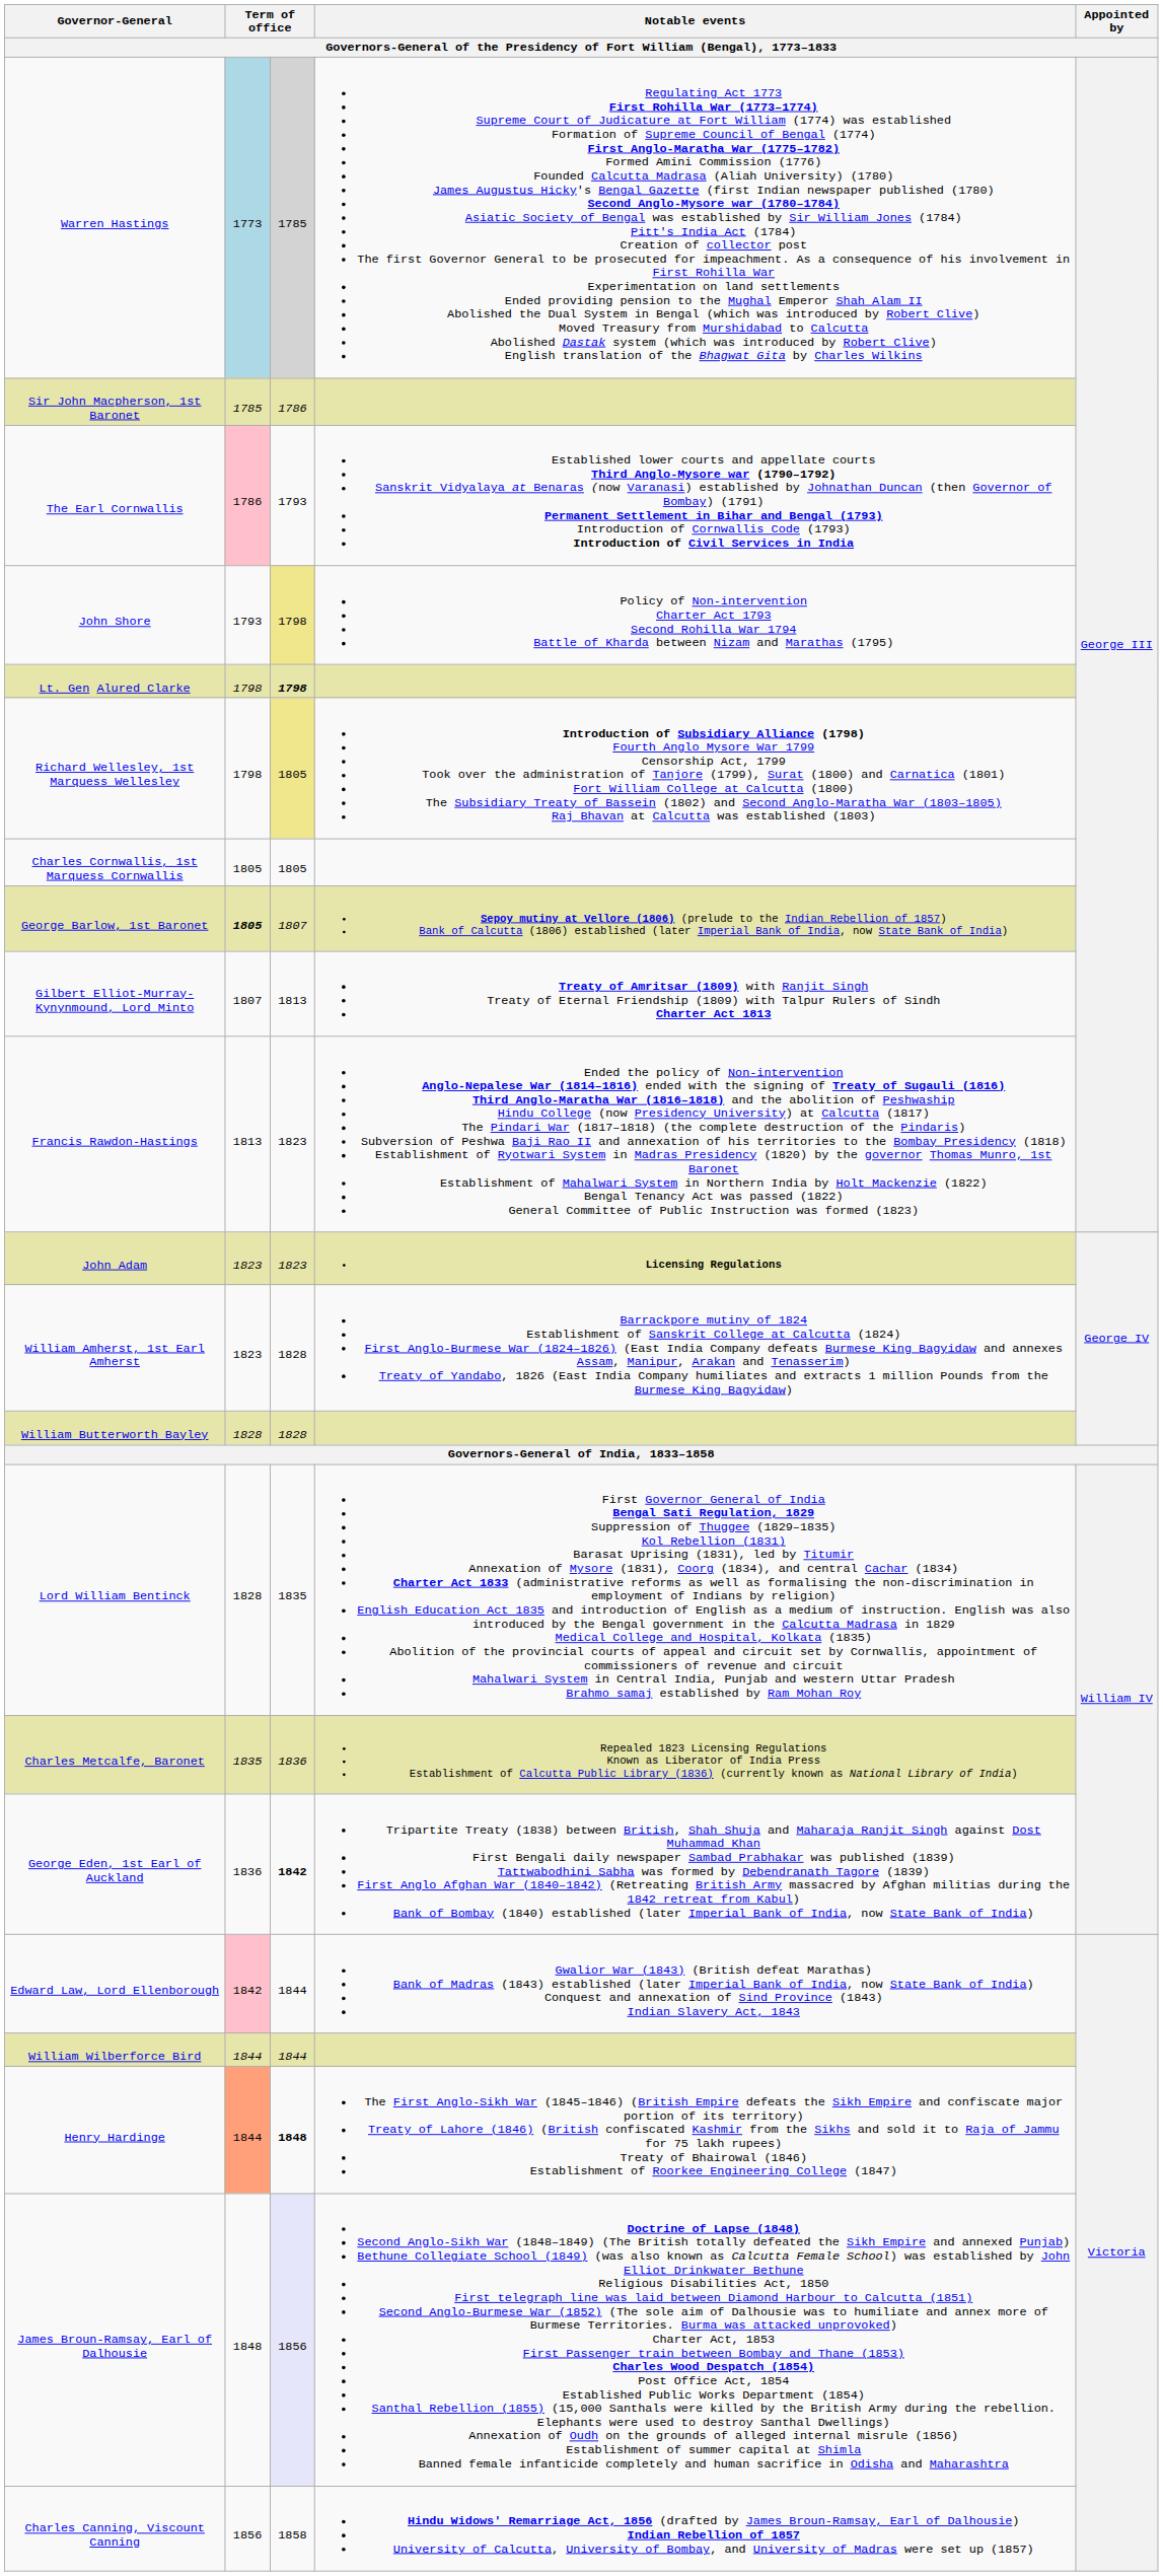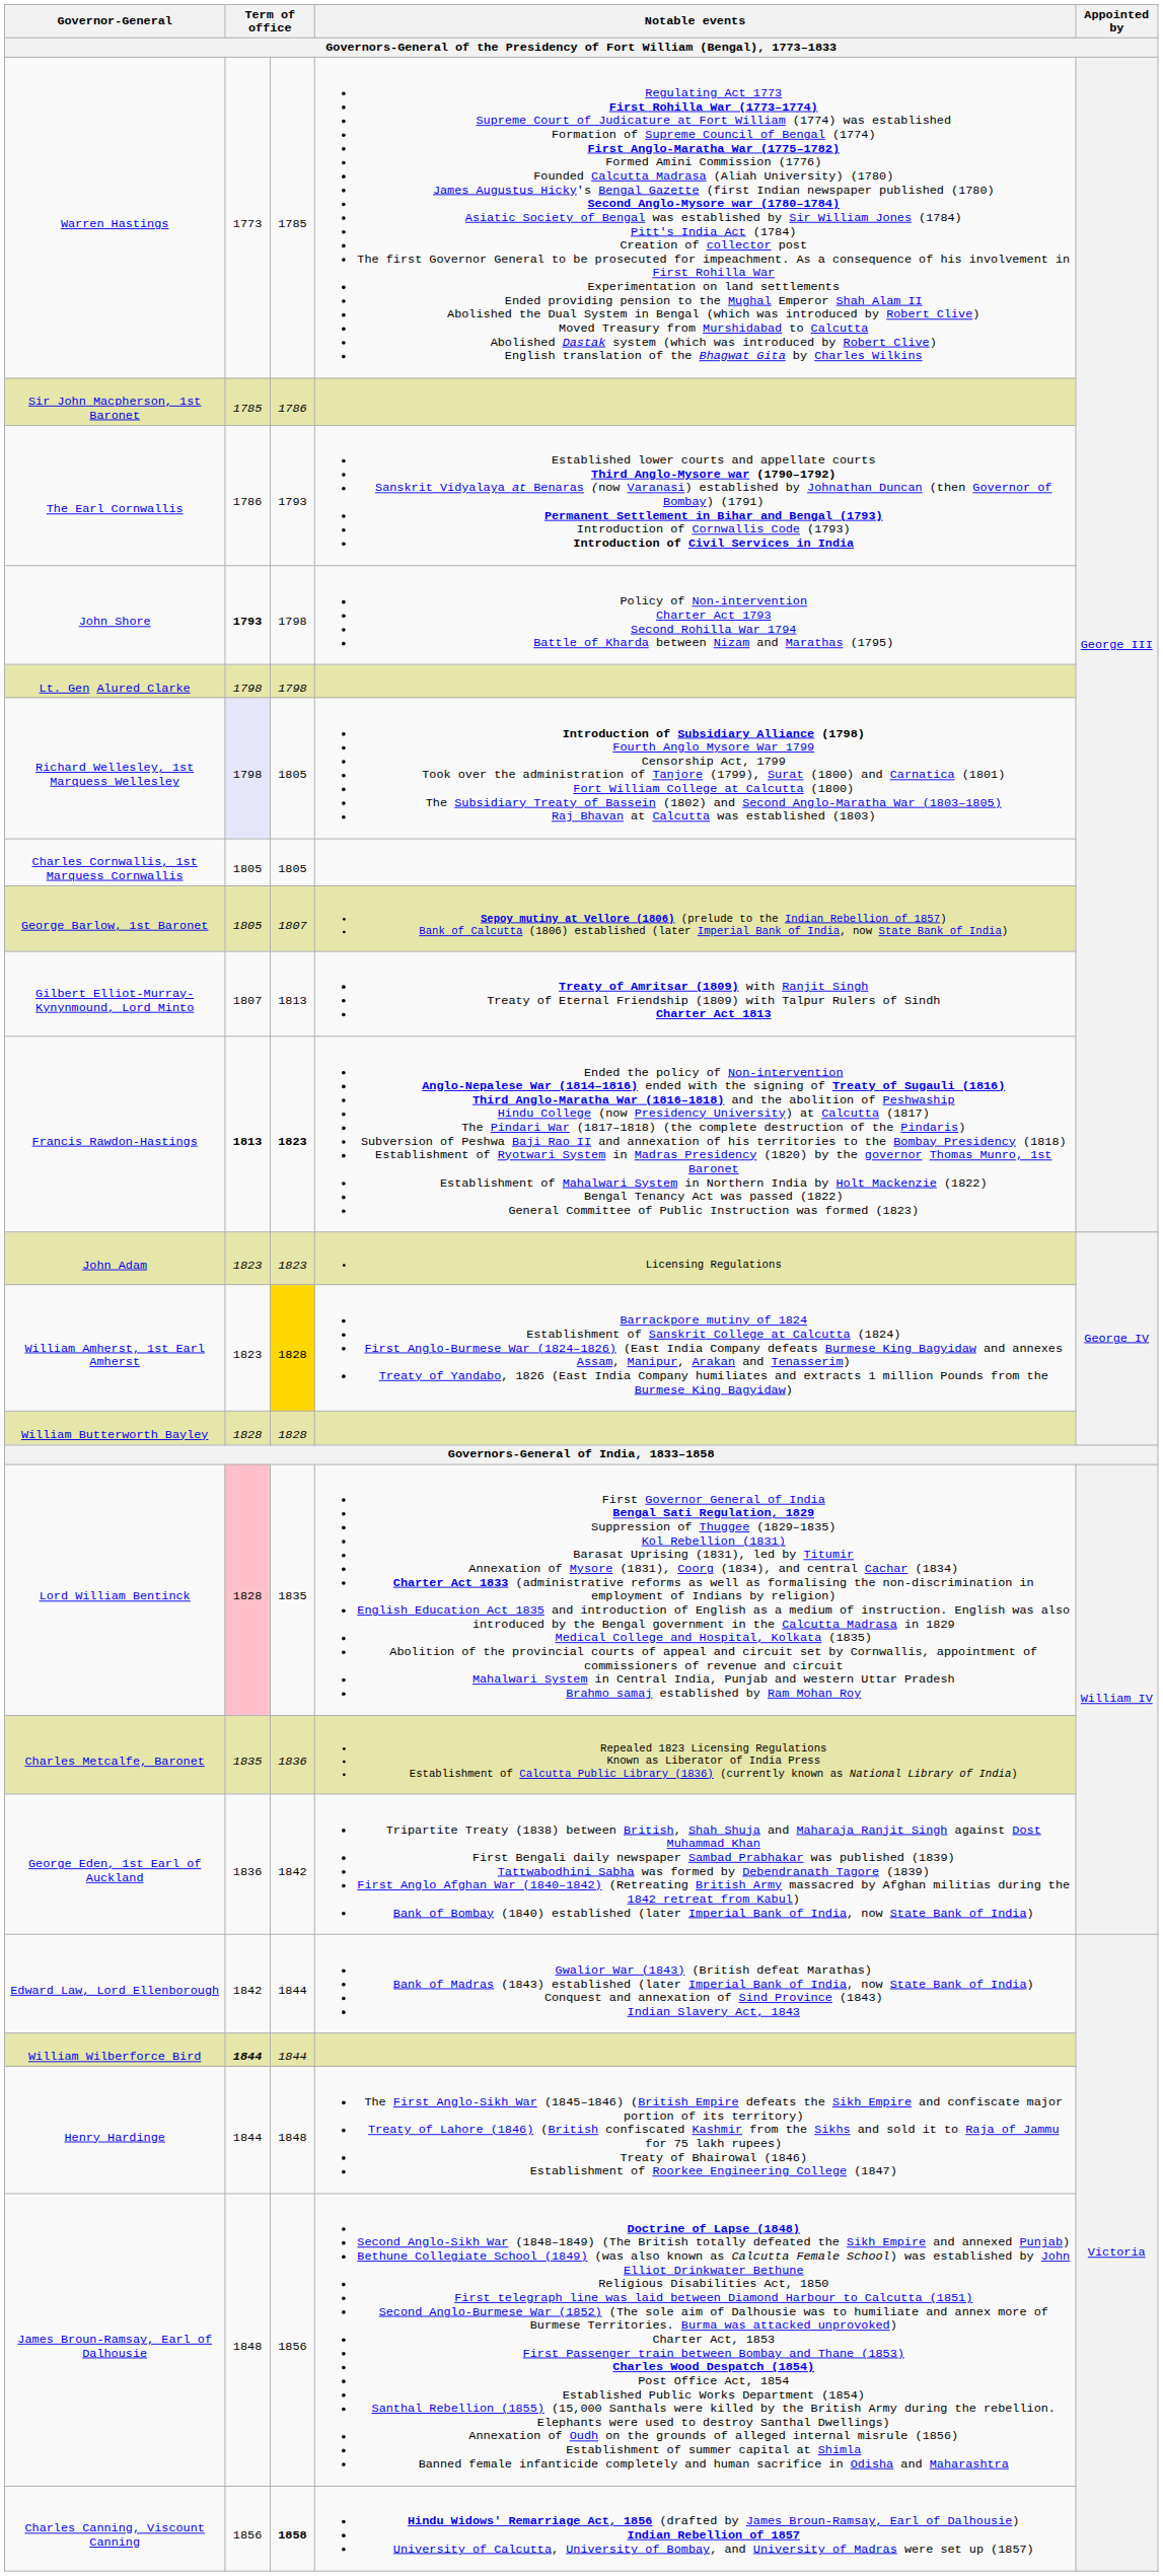 <table class="wikitable" style="text-align:center">
 <tr>
 <th>Governor-General<br></th>
 <th colspan=2>Term of office</th>
 <th>Notable events</th>
 <th>Appointed by</th>
 </tr>
 <tr>
 <th colspan=5>Governors-General of the Presidency of Fort William (Bengal), 1773–1833</th>
 </tr>
 <tr>
 <td><br><a href='#'>Warren Hastings </a><br></td>
-<td style="background: lightblue;"><br>1773</td>
-<td style="background: lightgrey;"><br>1785</td>
+<td><br>1773</td>
+<td><br>1785</td>
 <td class=small><br><ul><li><a href='#'>Regulating Act 1773</a></li><li><strong><a href='#'>First Rohilla War (1773–1774)</a></strong></li><li><a href='#'>Supreme Court of Judicature at Fort William</a> (1774) was established</li><li>Formation of <a href='#'>Supreme Council of Bengal</a> (1774)</li><li><strong><a href='#'>First Anglo-Maratha War (1775–1782)</a></strong></li><li>Formed Amini Commission (1776)</li><li>Founded <a href='#'>Calcutta Madrasa</a> (Aliah University) (1780)</li><li><a href='#'>James Augustus Hicky</a>'s <a href='#'>Bengal Gazette</a> (first Indian newspaper published (1780)</li><li><strong><a href='#'>Second Anglo-Mysore war (1780–1784)</a></strong></li><li><a href='#'>Asiatic Society of Bengal</a> was established by <a href='#'>Sir William Jones</a> (1784)</li><li><a href='#'>Pitt's India Act</a> (1784)</li><li>Creation of <a href='#'>collector</a> post</li><li>The first Governor General to be prosecuted for impeachment. As a consequence of his involvement in <a href='#'>First Rohilla War</a></li><li>Experimentation on land settlements</li><li>Ended providing pension to the <a href='#'>Mughal</a> Emperor <a href='#'>Shah Alam II</a></li><li>Abolished the Dual System in Bengal (which was introduced by <a href='#'>Robert Clive</a>)</li><li>Moved Treasury from <a href='#'>Murshidabad</a> to <a href='#'>Calcutta</a></li><li>Abolished <em><a href='#'>Dastak</a></em> system (which was introduced by <a href='#'>Robert Clive</a>)</li><li>English translation of the <em><a href='#'>Bhagwat Gita</a></em> by <a href='#'>Charles Wilkins</a></li></ul></td>
 <th rowspan="10" style="font-weight:normal"><a href='#'>George III</a></th>
 </tr>
 <tr style="background:#e6e6aa">
 <td><br><a href='#'>Sir John Macpherson, 1st Baronet</a> </td>
 <td><em><br>1785</em></td>
 <td><em><br>1786</em></td>
 <td> </td>
 </tr>
 <tr>
 <td><br><a href='#'><br>The Earl Cornwallis</a><br></td>
-<td style="background: pink;"><br>1786</td>
+<td><br>1786</td>
 <td><br>1793</td>
 <td class=small><br><ul><li>Established lower courts and appellate courts</li><li><strong><a href='#'>Third Anglo-Mysore war</a> (1790–1792)</strong></li><li><a href='#'>Sanskrit Vidyalaya <em>at</em> Benaras</a> <em>(</em>now <a href='#'>Varanasi</a>) established by <a href='#'>Johnathan Duncan</a> (then <a href='#'>Governor of Bombay</a>) (1791)</li><li><strong><a href='#'>Permanent Settlement in Bihar and Bengal (1793)</a></strong></li><li>Introduction of <a href='#'>Cornwallis Code</a> (1793)</li><li><strong>Introduction of <a href='#'>Civil Services in India</a></strong></li></ul></td>
 </tr>
 <tr>
 <td><br><a href='#'>John Shore</a><br></td>
-<td><br>1793</td>
-<td style="background: khaki;"><br>1798</td>
+<td><strong><br>1793</strong></td>
+<td><br>1798</td>
 <td class=small><br><ul><li>Policy of <a href='#'>Non-intervention</a></li><li><a href='#'>Charter Act 1793</a></li><li><a href='#'>Second Rohilla War 1794</a></li><li><a href='#'>Battle of Kharda</a> between <a href='#'>Nizam</a> and <a href='#'>Marathas</a> (1795)</li></ul></td>
 </tr>
 <tr style="background:#e6e6aa">
 <td><br><a href='#'>Lt. Gen</a> <a href='#'>Alured Clarke</a> </td>
 <td><em><br>1798</em></td>
-<td><strong><em><br>1798</em></strong></td>
+<td><em><br>1798</em></td>
 <td> </td>
 </tr>
 <tr>
 <td><br><a href='#'>Richard Wellesley, 1st Marquess Wellesley</a><br></td>
-<td><br>1798</td>
-<td style="background: khaki;"><br>1805</td>
+<td style="background: lavender;"><br>1798</td>
+<td><br>1805</td>
 <td class=small><br><ul><li><strong>Introduction of <a href='#'>Subsidiary Alliance</a> (1798)</strong></li><li><a href='#'>Fourth Anglo Mysore War 1799</a></li><li>Censorship Act, 1799</li><li>Took over the administration of <a href='#'>Tanjore</a> (1799), <a href='#'>Surat</a> (1800) and <a href='#'>Carnatica</a> (1801)</li><li><a href='#'>Fort William College at Calcutta</a> (1800)</li><li>The <a href='#'>Subsidiary Treaty of Bassein</a> (1802) and <a href='#'>Second Anglo-Maratha War (1803–1805)</a></li><li><a href='#'>Raj Bhavan</a> at <a href='#'>Calcutta</a> was established (1803)</li></ul></td>
 </tr>
 <tr>
 <td><br><a href='#'>Charles Cornwallis, 1st Marquess Cornwallis</a><br></td>
 <td><br>1805</td>
 <td><br>1805</td>
 <td> </td>
 </tr>
 <tr style="background:#e6e6aa">
 <td><br><a href='#'>George Barlow, 1st Baronet</a> </td>
-<td><strong><em><br>1805</em></strong></td>
+<td><em><br>1805</em></td>
 <td><em><br>1807</em></td>
 <td style="background:#e6e6aa; font-size:90%"><br><ul><li><strong><a href='#'>Sepoy mutiny at Vellore (1806)</a></strong> (prelude to the <a href='#'>Indian Rebellion of 1857</a>)</li><li><a href='#'>Bank of Calcutta</a> (1806) established (later <a href='#'>Imperial Bank of India</a>, now <a href='#'>State Bank of India</a>)</li></ul></td>
 </tr>
 <tr>
 <td><br><a href='#'>Gilbert Elliot-Murray-Kynynmound, Lord Minto</a><br></td>
 <td><br>1807</td>
 <td><br>1813</td>
 <td class=small><br><ul><li><strong><a href='#'>Treaty of Amritsar (1809)</a></strong> with <a href='#'>Ranjit Singh</a></li><li>Treaty of Eternal Friendship (1809) with Talpur Rulers of Sindh</li><li><strong><a href='#'>Charter Act 1813</a></strong></li></ul></td>
 </tr>
 <tr>
 <td><br><a href='#'>Francis Rawdon-Hastings</a><br></td>
-<td><br>1813</td>
-<td><br>1823</td>
+<td><strong><br>1813</strong></td>
+<td><strong><br>1823</strong></td>
 <td class=small><br><ul><li>Ended the policy of <a href='#'>Non-intervention</a></li><li><strong><a href='#'>Anglo-Nepalese War (1814–1816)</a></strong> ended with the signing of <strong><a href='#'>Treaty of Sugauli (1816)</a></strong></li><li><strong><a href='#'>Third Anglo-Maratha War (1816–1818)</a></strong> and the abolition of <a href='#'>Peshwaship</a></li><li><a href='#'>Hindu College</a> (now <a href='#'>Presidency University</a>) at <a href='#'>Calcutta</a> (1817)</li><li>The <a href='#'>Pindari War</a> (1817–1818) (the complete destruction of the <a href='#'>Pindaris</a>)</li><li>Subversion of Peshwa <a href='#'>Baji Rao II</a> and annexation of his territories to the <a href='#'>Bombay Presidency</a> (1818)</li><li>Establishment of <a href='#'>Ryotwari System</a> in <a href='#'>Madras Presidency</a> (1820) by the <a href='#'>governor</a> <a href='#'>Thomas Munro, 1st Baronet</a></li><li>Establishment of <a href='#'> Mahalwari System</a> in Northern India by <a href='#'>Holt Mackenzie</a> (1822)</li><li>Bengal Tenancy Act was passed (1822)</li><li>General Committee of Public Instruction was formed (1823)</li></ul></td>
 </tr>
 <tr style="background:#e6e6aa">
 <td><br><a href='#'>John Adam</a> </td>
 <td><em><br>1823</em></td>
 <td><em><br>1823</em></td>
-<td style="background:#e6e6aa; font-size:90%"><strong><br><ul><li>Licensing Regulations</li></ul></strong></td>
+<td style="background:#e6e6aa; font-size:90%"><br><ul><li>Licensing Regulations</li></ul></td>
 <th rowspan="3" style="font-weight:normal"><a href='#'>George IV</a></th>
 </tr>
 <tr>
 <td><br><a href='#'>William Amherst, 1st Earl Amherst</a><br></td>
 <td><br>1823</td>
-<td><br>1828</td>
+<td style="background: gold;"><br>1828</td>
 <td class=small><br><ul><li><a href='#'>Barrackpore mutiny of 1824</a></li><li>Establishment of <a href='#'>Sanskrit College at Calcutta</a> (1824)</li><li><a href='#'>First Anglo-Burmese War (1824–1826)</a> (East India Company defeats <a href='#'>Burmese King Bagyidaw</a> and annexes <a href='#'>Assam</a>, <a href='#'>Manipur</a>, <a href='#'>Arakan</a> and <a href='#'>Tenasserim</a>)</li><li><a href='#'>Treaty of Yandabo</a>, 1826 (East India Company humiliates and extracts 1 million Pounds from the <a href='#'>Burmese King Bagyidaw</a>)</li></ul></td>
 </tr>
 <tr style="background:#e6e6aa">
 <td><br><a href='#'>William Butterworth Bayley</a> </td>
 <td><em><br>1828</em></td>
 <td><em><br>1828</em></td>
 <td> </td>
 </tr>
 <tr>
 <th colspan=5>Governors-General of India, 1833–1858</th>
 </tr>
 <tr>
 <td><br><a href='#'>Lord William Bentinck</a><br></td>
-<td><br>1828</td>
+<td style="background: pink;"><br>1828</td>
 <td><br>1835</td>
 <td class=small><br><ul><li>First <a href='#'>Governor General of India</a></li><li><strong><a href='#'>Bengal Sati Regulation, 1829</a></strong></li><li>Suppression of <a href='#'>Thuggee</a> (1829–1835)</li><li><a href='#'>Kol Rebellion (1831)</a></li><li>Barasat Uprising (1831), led by <a href='#'>Titumir</a></li><li>Annexation of <a href='#'>Mysore</a> (1831), <a href='#'>Coorg</a> (1834), and central <a href='#'>Cachar</a> (1834)</li><li><strong><a href='#'>Charter Act 1833</a></strong> (administrative reforms as well as formalising the non-discrimination in employment of Indians by religion)</li><li><a href='#'>English Education Act 1835</a> and introduction of English as a medium of instruction. English was also introduced by the Bengal government in the <a href='#'>Calcutta Madrasa</a> in 1829</li><li><a href='#'>Medical College and Hospital, Kolkata</a> (1835)</li><li>Abolition of the provincial courts of appeal and circuit set by Cornwallis, appointment of commissioners of revenue and circuit</li><li><a href='#'>Mahalwari System</a> in Central India, Punjab and western Uttar Pradesh</li><li><a href='#'>Brahmo samaj</a> established by <a href='#'>Ram Mohan Roy</a></li></ul></td>
 <th rowspan="3" style="font-weight:normal"><a href='#'>William IV</a></th>
 </tr>
 <tr style="background:#e6e6aa">
 <td><br><a href='#'>Charles Metcalfe, Baronet</a> </td>
 <td><em><br>1835</em></td>
 <td><em><br>1836</em></td>
 <td style="background:#e6e6aa; font-size:90%"><br><ul><li>Repealed 1823 Licensing Regulations</li><li>Known as Liberator of India Press</li><li>Establishment of <a href='#'>Calcutta Public Library (1836)</a> (currently known as <em>National Library of India</em>)</li></ul></td>
 </tr>
 <tr>
 <td><br><a href='#'>George Eden, 1st Earl of Auckland</a><br></td>
 <td><br>1836</td>
-<td><strong><br>1842</strong></td>
+<td><br>1842</td>
 <td class=small><br><ul><li>Tripartite Treaty (1838) between <a href='#'>British</a>, <a href='#'>Shah Shuja</a> and <a href='#'>Maharaja Ranjit Singh</a> against <a href='#'>Dost Muhammad Khan</a></li><li>First Bengali daily newspaper <a href='#'>Sambad Prabhakar</a> was published (1839)</li><li><a href='#'>Tattwabodhini Sabha</a> was formed by <a href='#'>Debendranath Tagore</a> (1839)</li><li><a href='#'>First Anglo Afghan War (1840–1842)</a> (Retreating <a href='#'>British Army</a> massacred by Afghan militias during the <a href='#'>1842 retreat from Kabul</a>)</li><li><a href='#'>Bank of Bombay</a> (1840) established (later <a href='#'>Imperial Bank of India</a>, now <a href='#'>State Bank of India</a>)</li></ul></td>
 </tr>
 <tr>
 <td><br><a href='#'>Edward Law, Lord Ellenborough</a><br></td>
-<td style="background: pink;"><br>1842</td>
+<td><br>1842</td>
 <td><br>1844</td>
 <td class=small><br><ul><li><a href='#'>Gwalior War (1843)</a> (British defeat Marathas)</li><li><a href='#'>Bank of Madras</a> (1843) established (later <a href='#'>Imperial Bank of India</a>, now <a href='#'>State Bank of India</a>)</li><li>Conquest and annexation of <a href='#'>Sind Province</a> (1843)</li><li><a href='#'>Indian Slavery Act, 1843</a></li></ul></td>
 <th rowspan="5" style="font-weight:normal"><a href='#'>Victoria</a></th>
 </tr>
 <tr style="background:#e6e6aa">
 <td><br><a href='#'>William Wilberforce Bird</a> </td>
-<td><em><br>1844</em></td>
+<td><strong><em><br>1844</em></strong></td>
 <td><em><br>1844</em></td>
 <td> </td>
 </tr>
 <tr>
 <td><br><a href='#'>Henry Hardinge</a><br></td>
-<td style="background: lightsalmon;"><br>1844</td>
-<td><strong><br>1848</strong></td>
+<td><br>1844</td>
+<td><br>1848</td>
 <td class=small><br><ul><li>The <a href='#'>First Anglo-Sikh War</a> (1845–1846) (<a href='#'>British Empire</a> defeats the <a href='#'>Sikh Empire</a> and confiscate major portion of its territory)</li><li><a href='#'>Treaty of Lahore (1846)</a> (<a href='#'>British</a> confiscated <a href='#'>Kashmir</a> from the <a href='#'>Sikhs</a> and sold it to <a href='#'>Raja of Jammu</a> for 75 lakh rupees)</li><li>Treaty of Bhairowal (1846)</li><li>Establishment of <a href='#'>Roorkee Engineering College</a> (1847)</li></ul></td>
 </tr>
 <tr>
 <td><br><a href='#'>James Broun-Ramsay, Earl of Dalhousie</a><br></td>
 <td><br>1848</td>
-<td style="background: lavender;"><br>1856</td>
+<td><br>1856</td>
 <td class=small><br><ul><li><strong><a href='#'>Doctrine of Lapse (1848)</a></strong></li><li><a href='#'>Second Anglo-Sikh War</a> (1848–1849) (The British totally defeated the <a href='#'>Sikh Empire</a> and annexed <a href='#'>Punjab</a>)</li><li><a href='#'>Bethune Collegiate School (1849)</a> (was also known as <em>Calcutta Female School</em>) was established by <a href='#'>John Elliot Drinkwater Bethune</a></li><li>Religious Disabilities Act, 1850</li><li><a href='#'>First telegraph line was laid between Diamond Harbour to Calcutta (1851)</a></li><li><a href='#'>Second Anglo-Burmese War (1852)</a> (The sole aim of Dalhousie was to humiliate and annex more of Burmese Territories. <a href='#'>Burma was attacked unprovoked</a>)</li><li>Charter Act, 1853</li><li><a href='#'>First Passenger train between Bombay and Thane (1853)</a></li><li><strong><a href='#'>Charles Wood Despatch (1854)</a></strong></li><li>Post Office Act, 1854</li><li>Established Public Works Department (1854)</li><li><a href='#'>Santhal Rebellion (1855)</a> (15,000 Santhals were killed by the British Army during the rebellion. Elephants were used to destroy Santhal Dwellings)</li><li>Annexation of <a href='#'>Oudh</a> on the grounds of alleged internal misrule (1856)</li><li>Establishment of summer capital at <a href='#'>Shimla</a></li><li>Banned female infanticide completely and human sacrifice in <a href='#'>Odisha</a> and <a href='#'>Maharashtra</a></li></ul></td>
 </tr>
 <tr>
 <td><br><a href='#'>Charles Canning, Viscount Canning</a><br></td>
 <td><br>1856</td>
-<td><br>1858</td>
+<td><strong><br>1858</strong></td>
 <td class=small><br><ul><li><strong><a href='#'>Hindu Widows' Remarriage Act, 1856</a></strong> (drafted by <a href='#'>James Broun-Ramsay, Earl of Dalhousie</a>)</li><li><strong><a href='#'>Indian Rebellion of 1857</a></strong></li><li><a href='#'>University of Calcutta</a>, <a href='#'>University of Bombay</a>, and <a href='#'>University of Madras</a> were set up (1857)</li></ul></td>
 </tr>
 </table>
